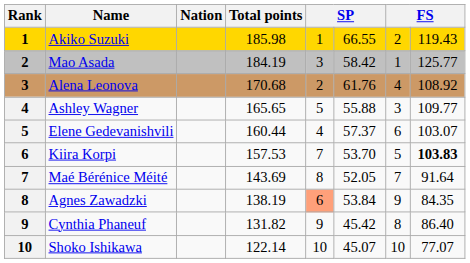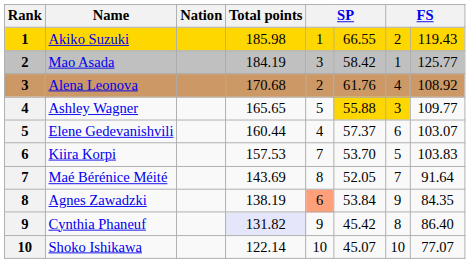 <table class="wikitable sortable">
 <tr>
 <th>Rank</th>
 <th>Name</th>
 <th>Nation</th>
 <th>Total points</th>
 <th colspan="2" width="80px"><a href='#'>SP</a></th>
 <th colspan="2" width="80px"><a href='#'>FS</a></th>
 </tr>
 <tr bgcolor="gold">
 <td align="center"><strong>1</strong></td>
 <td><a href='#'>Akiko Suzuki</a></td>
 <td></td>
 <td align="center">185.98</td>
 <td align="center">1</td>
 <td align="center">66.55</td>
 <td align="center">2</td>
 <td align="center">119.43</td>
 </tr>
 <tr bgcolor="silver">
 <td align="center"><strong>2</strong></td>
 <td><a href='#'>Mao Asada</a></td>
 <td></td>
 <td align="center">184.19</td>
 <td align="center">3</td>
 <td align="center">58.42</td>
 <td align="center">1</td>
 <td align="center">125.77</td>
 </tr>
 <tr bgcolor="cc9966">
 <td align="center"><strong>3</strong></td>
 <td><a href='#'>Alena Leonova</a></td>
 <td></td>
 <td align="center">170.68</td>
 <td align="center">2</td>
 <td align="center">61.76</td>
 <td align="center">4</td>
 <td align="center">108.92</td>
 </tr>
 <tr>
 <th>4</th>
 <td><a href='#'>Ashley Wagner</a></td>
 <td></td>
 <td align="center">165.65</td>
 <td align="center">5</td>
-<td align="center">55.88</td>
-<td align="center">3</td>
+<td align="center" style="background: gold;">55.88</td>
+<td align="center" style="background: gold;">3</td>
 <td align="center">109.77</td>
 </tr>
 <tr>
 <th>5</th>
 <td><a href='#'>Elene Gedevanishvili</a></td>
 <td></td>
 <td align="center">160.44</td>
 <td align="center">4</td>
 <td align="center">57.37</td>
 <td align="center">6</td>
 <td align="center">103.07</td>
 </tr>
 <tr>
 <th>6</th>
 <td><a href='#'>Kiira Korpi</a></td>
 <td></td>
 <td align="center">157.53</td>
 <td align="center">7</td>
 <td align="center">53.70</td>
 <td align="center">5</td>
-<td align="center"><strong>103.83</strong></td>
+<td align="center">103.83</td>
 </tr>
 <tr>
 <th>7</th>
 <td><a href='#'>Maé Bérénice Méité</a></td>
 <td></td>
 <td align="center">143.69</td>
 <td align="center">8</td>
 <td align="center">52.05</td>
 <td align="center">7</td>
 <td align="center">91.64</td>
 </tr>
 <tr>
 <th>8</th>
 <td><a href='#'>Agnes Zawadzki</a></td>
 <td></td>
 <td align="center">138.19</td>
 <td align="center" style="background: lightsalmon;">6</td>
 <td align="center">53.84</td>
 <td align="center">9</td>
 <td align="center">84.35</td>
 </tr>
 <tr>
 <th>9</th>
 <td><a href='#'>Cynthia Phaneuf</a></td>
 <td></td>
-<td align="center">131.82</td>
+<td align="center" style="background: lavender;">131.82</td>
 <td align="center">9</td>
 <td align="center">45.42</td>
 <td align="center">8</td>
 <td align="center">86.40</td>
 </tr>
 <tr>
 <th>10</th>
 <td><a href='#'>Shoko Ishikawa</a></td>
 <td></td>
 <td align="center">122.14</td>
 <td align="center">10</td>
 <td align="center">45.07</td>
 <td align="center">10</td>
 <td align="center">77.07</td>
 </tr>
 </table>
